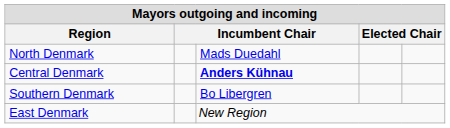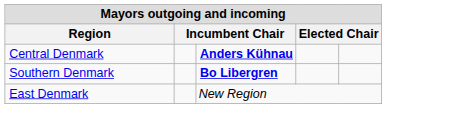 <table class="wikitable" style="margin-left:1em;">
 <tr>
 <td colspan="5" style="background:#dddddd; text-align:center;"><strong>Mayors outgoing and incoming</strong></td>
 </tr>
 <tr>
 <th style="width:210px;">Region</th>
 <th colspan="2">Incumbent Chair</th>
 <th colspan="2">Elected Chair</th>
-</tr>
-<tr>
-<td style="padding-left:5px;"><a href='#'>North Denmark</a></td>
-<td style="width:20px; background:"></td>
-<td style="width:200px; padding-left:5px;"><a href='#'>Mads Duedahl</a></td>
-<td></td>
-<td></td>
 </tr>
 <tr>
 <td style="padding-left:5px;"><a href='#'>Central Denmark</a></td>
 <td style="width:20px; background:"></td>
 <td style="padding-left:5px;"><strong><a href='#'>Anders Kühnau</a></strong></td>
 <td></td>
 <td></td>
 </tr>
 <tr>
 <td style="padding-left:5px;"><a href='#'>Southern Denmark</a></td>
 <td style="background:"></td>
-<td style="padding-left:5px;"><a href='#'>Bo Libergren</a></td>
+<td style="padding-left:5px;"><strong><a href='#'>Bo Libergren</a></strong></td>
 <td></td>
 <td></td>
 </tr>
 <tr>
 <td style="padding-left:5px;"><a href='#'>East Denmark</a></td>
 <td></td>
 <td colspan=3><em>New Region</em></td>
 </tr>
 </table>
